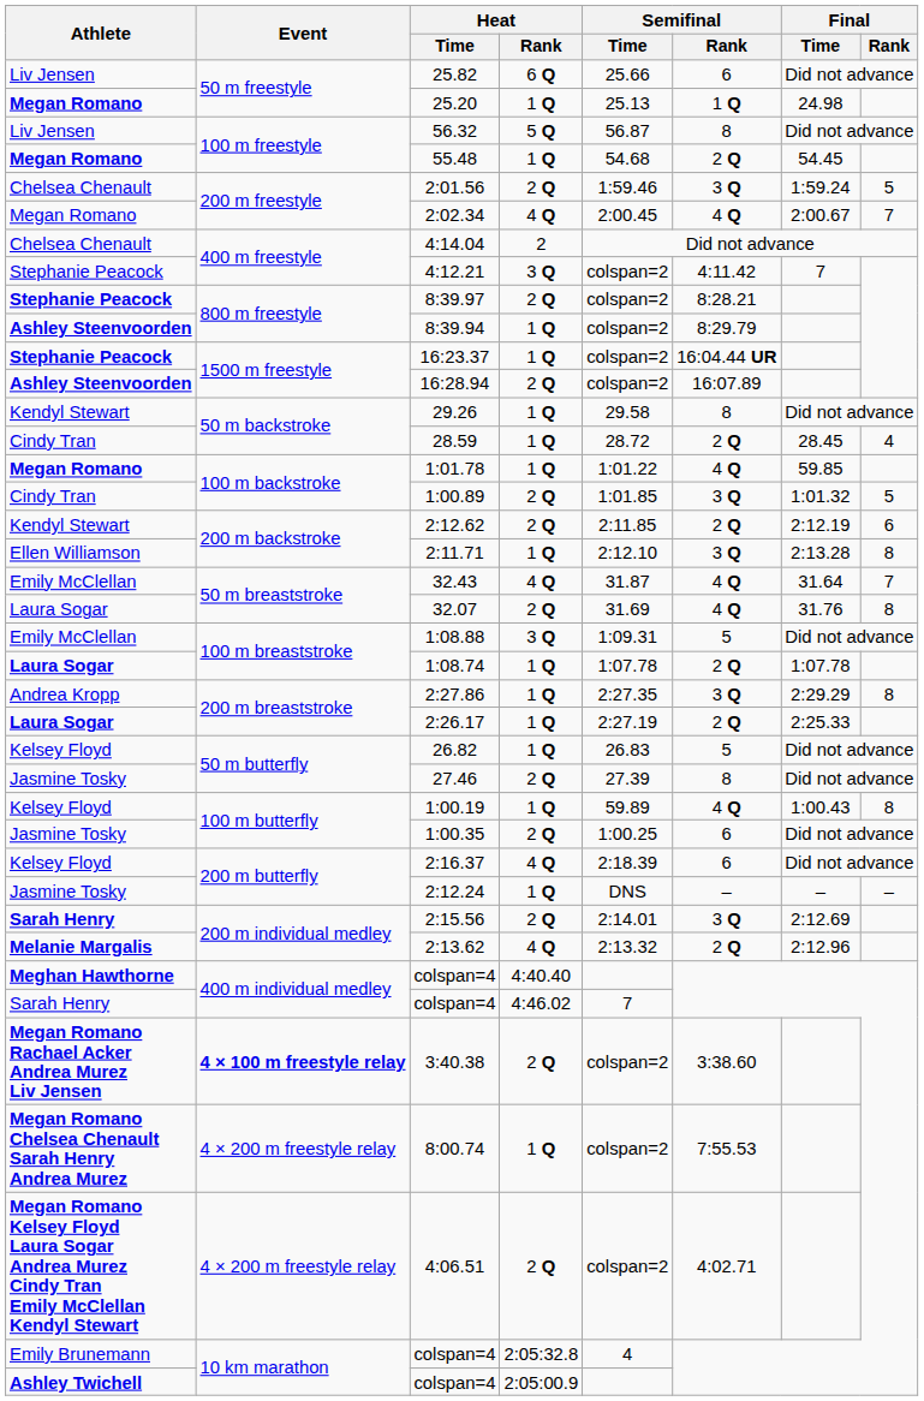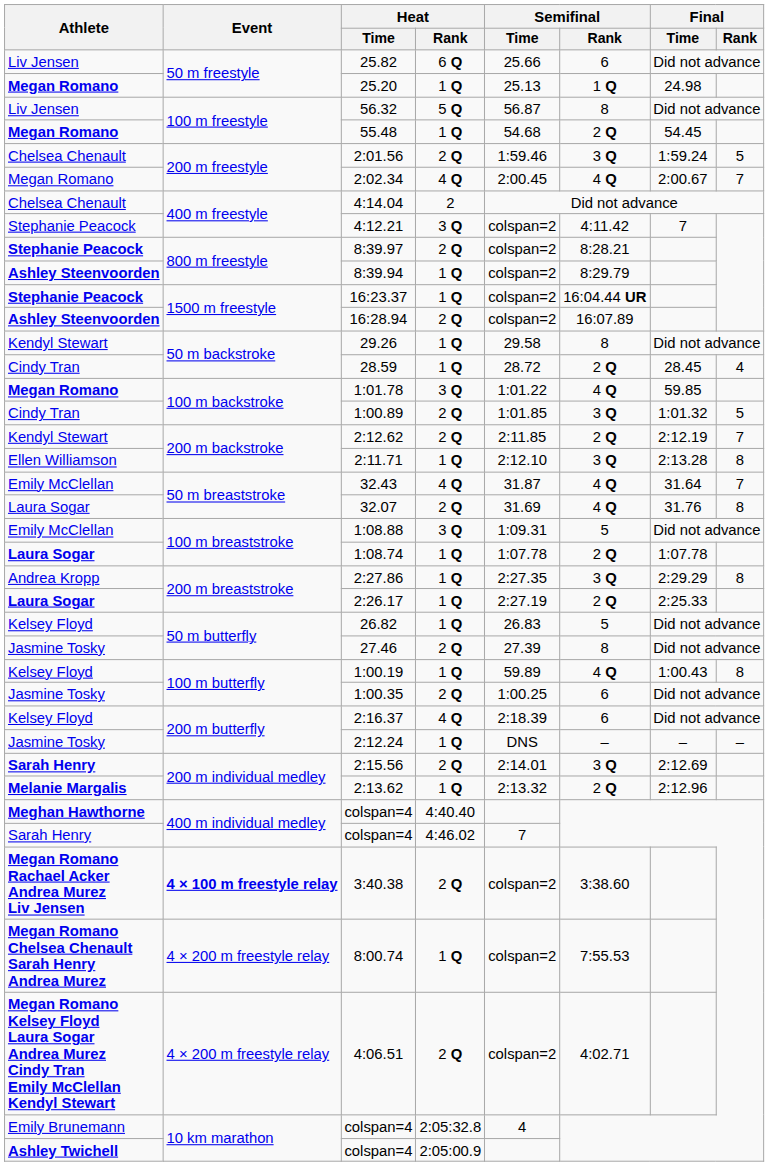 <table class=wikitable style="font-size:90%">
 <tr>
 <th rowspan=2>Athlete</th>
 <th rowspan=2>Event</th>
 <th colspan=2>Heat</th>
 <th colspan=2>Semifinal</th>
 <th colspan=2>Final</th>
 </tr>
 <tr style="font-size:95%">
 <th>Time</th>
 <th>Rank</th>
 <th>Time</th>
 <th>Rank</th>
 <th>Time</th>
 <th>Rank</th>
 </tr>
 <tr align=center>
 <td align=left><a href='#'>Liv Jensen</a></td>
 <td align=left rowspan=2><a href='#'>50 m freestyle</a></td>
 <td>25.82</td>
 <td>6 <strong>Q</strong></td>
 <td>25.66</td>
 <td>6</td>
 <td colspan=2 align=center>Did not advance</td>
 </tr>
 <tr align=center>
 <td align=left><strong><a href='#'>Megan Romano</a></strong></td>
 <td>25.20</td>
 <td>1 <strong>Q</strong></td>
 <td>25.13</td>
 <td>1 <strong>Q</strong></td>
 <td>24.98</td>
 <td></td>
 </tr>
 <tr align=center>
 <td align=left><a href='#'>Liv Jensen</a></td>
 <td align=left rowspan=2><a href='#'>100 m freestyle</a></td>
 <td>56.32</td>
 <td>5 <strong>Q</strong></td>
 <td>56.87</td>
 <td>8</td>
 <td colspan=2 align=center>Did not advance</td>
 </tr>
 <tr align=center>
 <td align=left><strong><a href='#'>Megan Romano</a></strong></td>
 <td>55.48</td>
 <td>1 <strong>Q</strong></td>
 <td>54.68</td>
 <td>2 <strong>Q</strong></td>
 <td>54.45</td>
 <td></td>
 </tr>
 <tr align=center>
 <td align=left><a href='#'>Chelsea Chenault</a></td>
 <td align=left rowspan=2><a href='#'>200 m freestyle</a></td>
 <td>2:01.56</td>
 <td>2 <strong>Q</strong></td>
 <td>1:59.46</td>
 <td>3 <strong>Q</strong></td>
 <td>1:59.24</td>
 <td>5</td>
 </tr>
 <tr align=center>
 <td align=left><a href='#'>Megan Romano</a></td>
 <td>2:02.34</td>
 <td>4 <strong>Q</strong></td>
 <td>2:00.45</td>
 <td>4 <strong>Q</strong></td>
 <td>2:00.67</td>
 <td>7</td>
 </tr>
 <tr align=center>
 <td align=left><a href='#'>Chelsea Chenault</a></td>
 <td align=left rowspan=2><a href='#'>400 m freestyle</a></td>
 <td>4:14.04</td>
 <td>2</td>
 <td colspan=4 align=center>Did not advance</td>
 </tr>
 <tr align=center>
 <td align=left><a href='#'>Stephanie Peacock</a></td>
 <td>4:12.21</td>
 <td>3 <strong>Q</strong></td>
 <td>colspan=2 </td>
 <td>4:11.42</td>
 <td>7</td>
 </tr>
 <tr align=center>
 <td align=left><strong><a href='#'>Stephanie Peacock</a></strong></td>
 <td align=left rowspan=2><a href='#'>800 m freestyle</a></td>
 <td>8:39.97</td>
 <td>2 <strong>Q</strong></td>
 <td>colspan=2 </td>
 <td>8:28.21</td>
 <td></td>
 </tr>
 <tr align=center>
 <td align=left><strong><a href='#'>Ashley Steenvoorden</a></strong></td>
 <td>8:39.94</td>
 <td>1 <strong>Q</strong></td>
 <td>colspan=2 </td>
 <td>8:29.79</td>
 <td></td>
 </tr>
 <tr align=center>
 <td align=left><strong><a href='#'>Stephanie Peacock</a></strong></td>
 <td align=left rowspan=2><a href='#'>1500 m freestyle</a></td>
 <td>16:23.37</td>
 <td>1 <strong>Q</strong></td>
 <td>colspan=2 </td>
 <td>16:04.44 <strong>UR</strong></td>
 <td></td>
 </tr>
 <tr align=center>
 <td align=left><strong><a href='#'>Ashley Steenvoorden</a></strong></td>
 <td>16:28.94</td>
 <td>2 <strong>Q</strong></td>
 <td>colspan=2 </td>
 <td>16:07.89</td>
 <td></td>
 </tr>
 <tr align=center>
 <td align=left><a href='#'>Kendyl Stewart</a></td>
 <td align=left rowspan=2><a href='#'>50 m backstroke</a></td>
 <td>29.26</td>
 <td>1 <strong>Q</strong></td>
 <td>29.58</td>
 <td>8</td>
 <td colspan=2 align=center>Did not advance</td>
 </tr>
 <tr align=center>
 <td align=left><a href='#'>Cindy Tran</a></td>
 <td>28.59</td>
 <td>1 <strong>Q</strong></td>
 <td>28.72</td>
 <td>2 <strong>Q</strong></td>
 <td>28.45</td>
 <td>4</td>
 </tr>
 <tr align=center>
 <td align=left><strong><a href='#'>Megan Romano</a></strong></td>
 <td align=left rowspan=2><a href='#'>100 m backstroke</a></td>
 <td>1:01.78</td>
-<td>1 <strong>Q</strong></td>
+<td>3 <strong>Q</strong></td>
 <td>1:01.22</td>
 <td>4 <strong>Q</strong></td>
 <td>59.85</td>
 <td></td>
 </tr>
 <tr align=center>
 <td align=left><a href='#'>Cindy Tran</a></td>
 <td>1:00.89</td>
 <td>2 <strong>Q</strong></td>
 <td>1:01.85</td>
 <td>3 <strong>Q</strong></td>
 <td>1:01.32</td>
 <td>5</td>
 </tr>
 <tr align=center>
 <td align=left><a href='#'>Kendyl Stewart</a></td>
 <td align=left rowspan=2><a href='#'>200 m backstroke</a></td>
 <td>2:12.62</td>
 <td>2 <strong>Q</strong></td>
 <td>2:11.85</td>
 <td>2 <strong>Q</strong></td>
 <td>2:12.19</td>
-<td>6</td>
+<td>7</td>
 </tr>
 <tr align=center>
 <td align=left><a href='#'>Ellen Williamson</a></td>
 <td>2:11.71</td>
 <td>1 <strong>Q</strong></td>
 <td>2:12.10</td>
 <td>3 <strong>Q</strong></td>
 <td>2:13.28</td>
 <td>8</td>
 </tr>
 <tr align=center>
 <td align=left><a href='#'>Emily McClellan</a></td>
 <td align=left rowspan=2><a href='#'>50 m breaststroke</a></td>
 <td>32.43</td>
 <td>4 <strong>Q</strong></td>
 <td>31.87</td>
 <td>4 <strong>Q</strong></td>
 <td>31.64</td>
 <td>7</td>
 </tr>
 <tr align=center>
 <td align=left><a href='#'>Laura Sogar</a></td>
 <td>32.07</td>
 <td>2 <strong>Q</strong></td>
 <td>31.69</td>
 <td>4 <strong>Q</strong></td>
 <td>31.76</td>
 <td>8</td>
 </tr>
 <tr align=center>
 <td align=left><a href='#'>Emily McClellan</a></td>
 <td align=left rowspan=2><a href='#'>100 m breaststroke</a></td>
 <td>1:08.88</td>
 <td>3 <strong>Q</strong></td>
 <td>1:09.31</td>
 <td>5</td>
 <td colspan=2 align=center>Did not advance</td>
 </tr>
 <tr align=center>
 <td align=left><strong><a href='#'>Laura Sogar</a></strong></td>
 <td>1:08.74</td>
 <td>1 <strong>Q</strong></td>
 <td>1:07.78</td>
 <td>2 <strong>Q</strong></td>
 <td>1:07.78</td>
 <td></td>
 </tr>
 <tr align=center>
 <td align=left><a href='#'>Andrea Kropp</a></td>
 <td align=left rowspan=2><a href='#'>200 m breaststroke</a></td>
 <td>2:27.86</td>
 <td>1 <strong>Q</strong></td>
 <td>2:27.35</td>
 <td>3 <strong>Q</strong></td>
 <td>2:29.29</td>
 <td>8</td>
 </tr>
 <tr align=center>
 <td align=left><strong><a href='#'>Laura Sogar</a></strong></td>
 <td>2:26.17</td>
 <td>1 <strong>Q</strong></td>
 <td>2:27.19</td>
 <td>2 <strong>Q</strong></td>
 <td>2:25.33</td>
 <td></td>
 </tr>
 <tr align=center>
 <td align=left><a href='#'>Kelsey Floyd</a></td>
 <td align=left rowspan=2><a href='#'>50 m butterfly</a></td>
 <td>26.82</td>
 <td>1 <strong>Q</strong></td>
 <td>26.83</td>
 <td>5</td>
 <td colspan=2 align=center>Did not advance</td>
 </tr>
 <tr align=center>
 <td align=left><a href='#'>Jasmine Tosky</a></td>
 <td>27.46</td>
 <td>2 <strong>Q</strong></td>
 <td>27.39</td>
 <td>8</td>
 <td colspan=2 align=center>Did not advance</td>
 </tr>
 <tr align=center>
 <td align=left><a href='#'>Kelsey Floyd</a></td>
 <td align=left rowspan=2><a href='#'>100 m butterfly</a></td>
 <td>1:00.19</td>
 <td>1 <strong>Q</strong></td>
 <td>59.89</td>
 <td>4 <strong>Q</strong></td>
 <td>1:00.43</td>
 <td>8</td>
 </tr>
 <tr align=center>
 <td align=left><a href='#'>Jasmine Tosky</a></td>
 <td>1:00.35</td>
 <td>2 <strong>Q</strong></td>
 <td>1:00.25</td>
 <td>6</td>
 <td colspan=2 align=center>Did not advance</td>
 </tr>
 <tr align=center>
 <td align=left><a href='#'>Kelsey Floyd</a></td>
 <td align=left rowspan=2><a href='#'>200 m butterfly</a></td>
 <td>2:16.37</td>
 <td>4 <strong>Q</strong></td>
 <td>2:18.39</td>
 <td>6</td>
 <td colspan=2 align=center>Did not advance</td>
 </tr>
 <tr align=center>
 <td align=left><a href='#'>Jasmine Tosky</a></td>
 <td>2:12.24</td>
 <td>1 <strong>Q</strong></td>
 <td>DNS</td>
 <td>–</td>
 <td>–</td>
 <td>–</td>
 </tr>
 <tr align=center>
 <td align=left><strong><a href='#'>Sarah Henry</a></strong></td>
 <td align=left rowspan=2><a href='#'>200 m individual medley</a></td>
 <td>2:15.56</td>
 <td>2 <strong>Q</strong></td>
 <td>2:14.01</td>
 <td>3 <strong>Q</strong></td>
 <td>2:12.69</td>
 <td></td>
 </tr>
 <tr align=center>
 <td align=left><strong><a href='#'>Melanie Margalis</a></strong></td>
 <td>2:13.62</td>
-<td>4 <strong>Q</strong></td>
+<td>1 <strong>Q</strong></td>
 <td>2:13.32</td>
 <td>2 <strong>Q</strong></td>
 <td>2:12.96</td>
 <td></td>
 </tr>
 <tr align=center>
 <td align=left><strong><a href='#'>Meghan Hawthorne</a></strong></td>
 <td align=left rowspan=2><a href='#'>400 m individual medley</a></td>
 <td>colspan=4 </td>
 <td>4:40.40</td>
 <td></td>
 </tr>
 <tr align=center>
 <td align=left><a href='#'>Sarah Henry</a></td>
 <td>colspan=4 </td>
 <td>4:46.02</td>
 <td>7</td>
 </tr>
 <tr align=center>
 <td align=left><strong><a href='#'>Megan Romano</a> <br> <a href='#'>Rachael Acker</a> <br> <a href='#'>Andrea Murez</a> <br> <a href='#'>Liv Jensen</a></strong></td>
 <td align=left><strong><a href='#'>4 × 100 m freestyle relay</a></strong></td>
 <td>3:40.38</td>
 <td>2 <strong>Q</strong></td>
 <td>colspan=2 </td>
 <td>3:38.60</td>
 <td></td>
 </tr>
 <tr align=center>
 <td align=left><strong><a href='#'>Megan Romano</a> <br> <a href='#'>Chelsea Chenault</a> <br> <a href='#'>Sarah Henry</a> <br> <a href='#'>Andrea Murez</a></strong></td>
 <td align=left><a href='#'>4 × 200 m freestyle relay</a></td>
 <td>8:00.74</td>
 <td>1 <strong>Q</strong></td>
 <td>colspan=2 </td>
 <td>7:55.53</td>
 <td></td>
 </tr>
 <tr align=center>
 <td align=left><strong><a href='#'>Megan Romano</a> <br> <a href='#'>Kelsey Floyd</a> <br> <a href='#'>Laura Sogar</a> <br> <a href='#'>Andrea Murez</a> <br> <a href='#'>Cindy Tran</a> <br> <a href='#'>Emily McClellan</a> <br> <a href='#'>Kendyl Stewart</a></strong></td>
 <td align=left><a href='#'>4 × 200 m freestyle relay</a></td>
 <td>4:06.51</td>
 <td>2 <strong>Q</strong></td>
 <td>colspan=2 </td>
 <td>4:02.71</td>
 <td></td>
 </tr>
 <tr align=center>
 <td align=left><a href='#'>Emily Brunemann</a></td>
 <td align=left rowspan=2><a href='#'>10 km marathon</a></td>
 <td>colspan=4 </td>
 <td>2:05:32.8</td>
 <td>4</td>
 </tr>
 <tr align=center>
 <td align=left><strong><a href='#'>Ashley Twichell</a></strong></td>
 <td>colspan=4 </td>
 <td>2:05:00.9</td>
 <td></td>
 </tr>
 </table>
